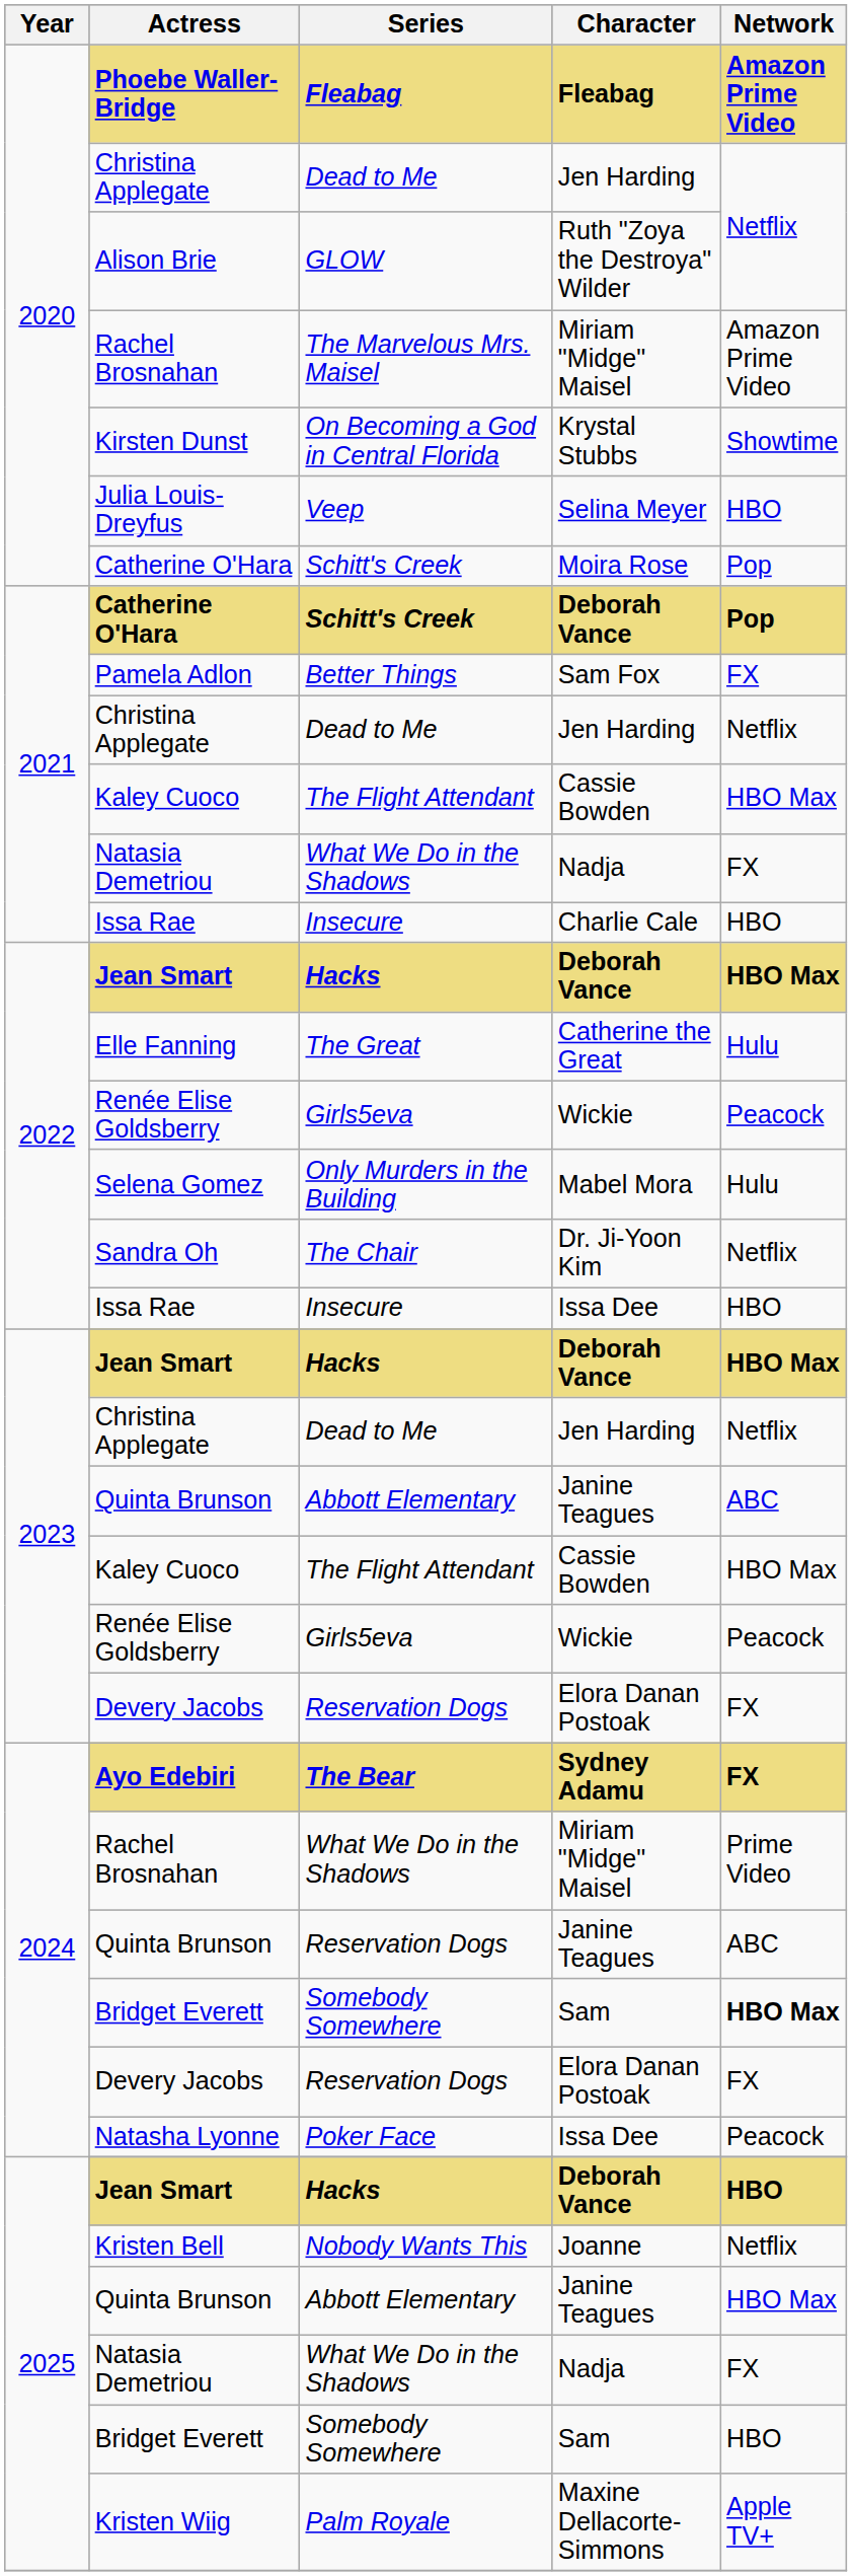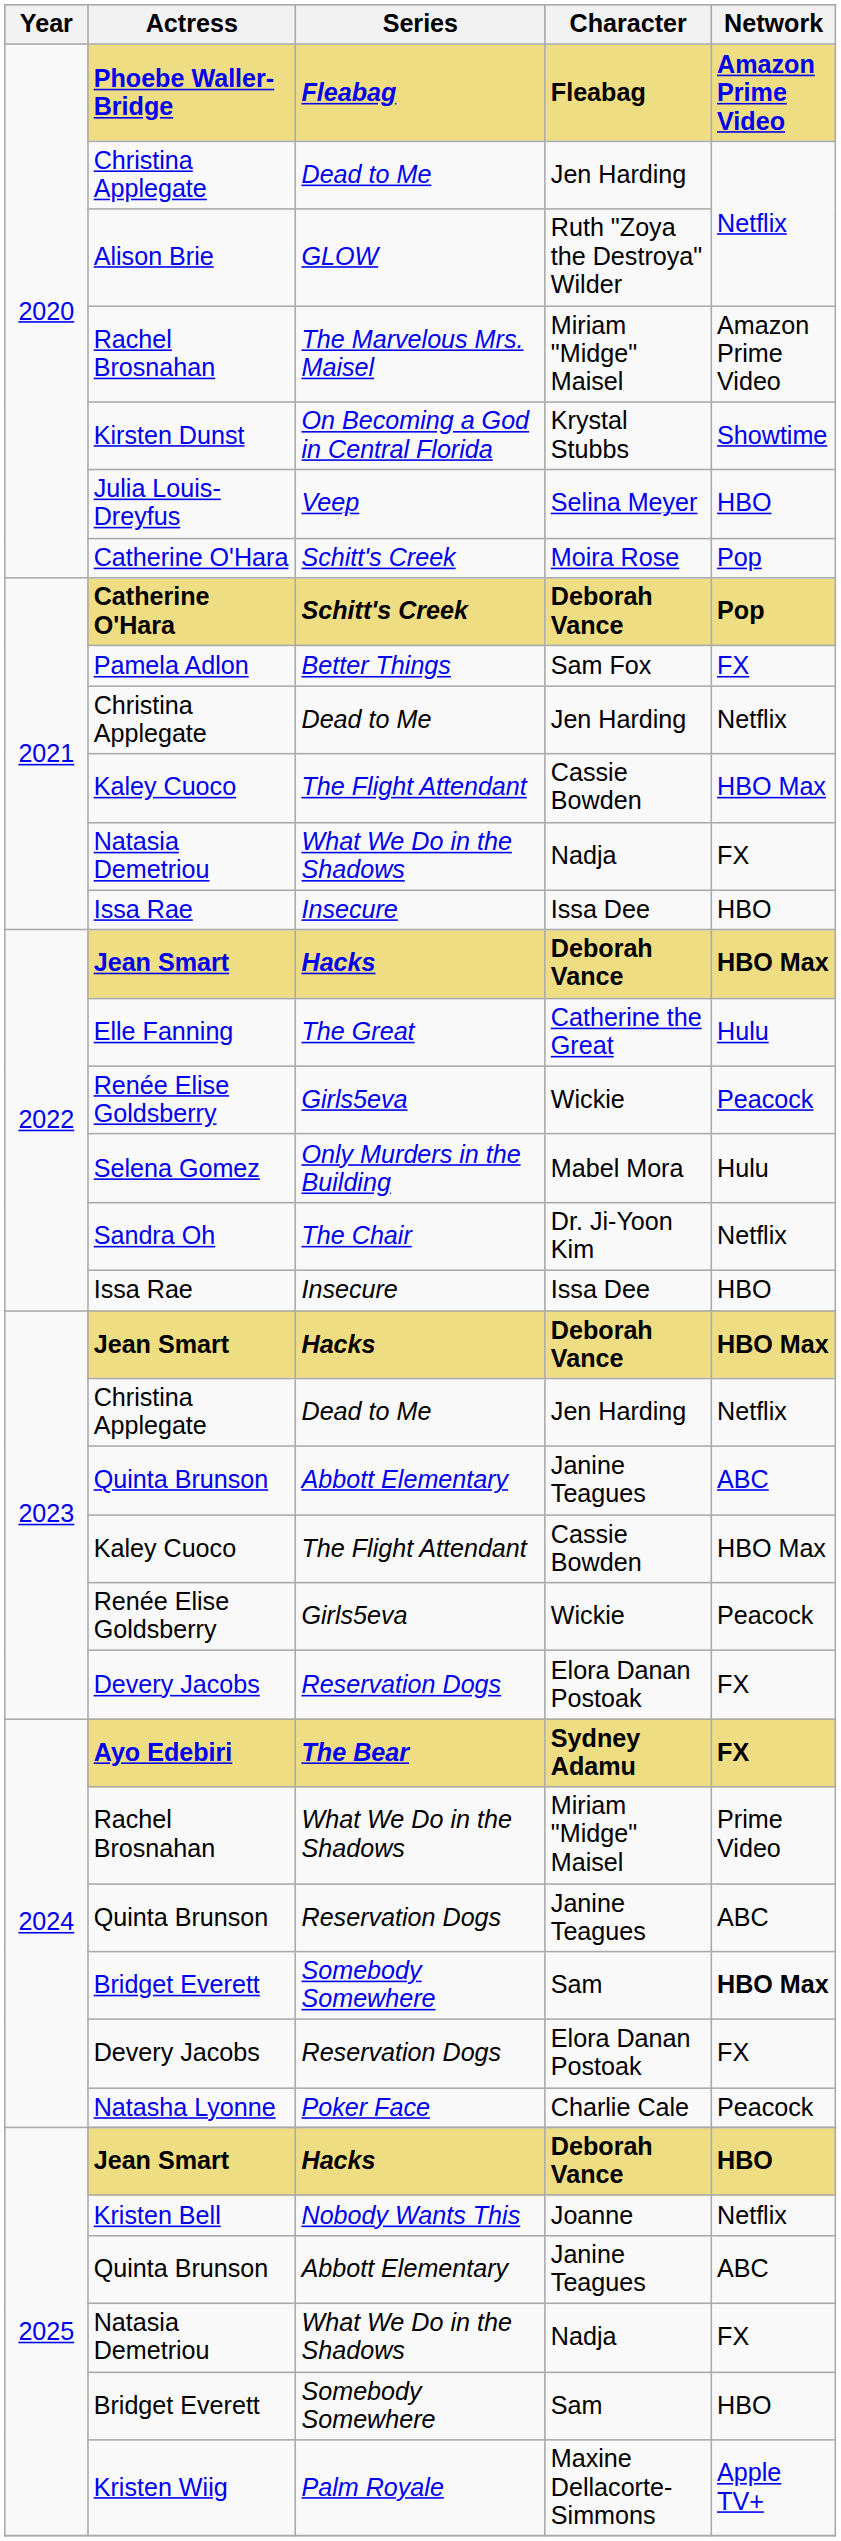 <table class="wikitable" style="width:85%">
 <tr style="background:#bebebe;">
 <th style="width:10%;">Year</th>
 <th style="wodth:25%;">Actress</th>
 <th style="width:30%;">Series</th>
 <th style="width:20%;">Character</th>
 <th style="width:15%;">Network</th>
 </tr>
 <tr>
 <td rowspan="7" style="text-align:center;"><a href='#'>2020</a><br></td>
 <td style="background:#EEDD82;"><strong><a href='#'>Phoebe Waller-Bridge</a></strong></td>
 <td style="background:#EEDD82;"><strong><em><a href='#'>Fleabag</a></em></strong></td>
 <td style="background:#EEDD82;"><strong>Fleabag</strong></td>
 <td style="background:#EEDD82;"><strong><a href='#'>Amazon Prime Video</a></strong></td>
 </tr>
 <tr>
 <td><a href='#'>Christina Applegate</a></td>
 <td><em><a href='#'>Dead to Me</a></em></td>
 <td>Jen Harding</td>
 <td rowspan="2"><a href='#'>Netflix</a></td>
 </tr>
 <tr>
 <td><a href='#'>Alison Brie</a></td>
 <td><em><a href='#'>GLOW</a></em></td>
 <td>Ruth "Zoya the Destroya" Wilder</td>
 </tr>
 <tr>
 <td><a href='#'>Rachel Brosnahan</a></td>
 <td><em><a href='#'>The Marvelous Mrs. Maisel</a></em></td>
 <td>Miriam "Midge" Maisel</td>
 <td>Amazon Prime Video</td>
 </tr>
 <tr>
 <td><a href='#'>Kirsten Dunst</a></td>
 <td><em><a href='#'>On Becoming a God in Central Florida</a></em></td>
 <td>Krystal Stubbs</td>
 <td><a href='#'>Showtime</a></td>
 </tr>
 <tr>
 <td><a href='#'>Julia Louis-Dreyfus</a></td>
 <td><em><a href='#'>Veep</a></em></td>
 <td><a href='#'>Selina Meyer</a></td>
 <td><a href='#'>HBO</a></td>
 </tr>
 <tr>
 <td><a href='#'>Catherine O'Hara</a></td>
 <td><em><a href='#'>Schitt's Creek</a></em></td>
 <td><a href='#'>Moira Rose</a></td>
 <td><a href='#'>Pop</a></td>
 </tr>
 <tr>
 <td rowspan="6" style="text-align:center;"><a href='#'>2021</a><br></td>
 <td style="background:#EEDD82;"><strong>Catherine O'Hara</strong></td>
 <td style="background:#EEDD82;"><strong><em>Schitt's Creek</em></strong></td>
 <td style="background:#EEDD82;"><strong>Deborah Vance</strong></td>
 <td style="background:#EEDD82;"><strong>Pop</strong></td>
 </tr>
 <tr>
 <td><a href='#'>Pamela Adlon</a></td>
 <td><em><a href='#'>Better Things</a></em></td>
 <td>Sam Fox</td>
 <td><a href='#'>FX</a></td>
 </tr>
 <tr>
 <td>Christina Applegate</td>
 <td><em>Dead to Me</em></td>
 <td>Jen Harding</td>
 <td>Netflix</td>
 </tr>
 <tr>
 <td><a href='#'>Kaley Cuoco</a></td>
 <td><em><a href='#'>The Flight Attendant</a></em></td>
 <td>Cassie Bowden</td>
 <td><a href='#'>HBO Max</a></td>
 </tr>
 <tr>
 <td><a href='#'>Natasia Demetriou</a></td>
 <td><em><a href='#'>What We Do in the Shadows</a></em></td>
 <td>Nadja</td>
 <td>FX</td>
 </tr>
 <tr>
 <td><a href='#'>Issa Rae</a></td>
 <td><em><a href='#'>Insecure</a></em></td>
-<td>Charlie Cale</td>
+<td>Issa Dee</td>
 <td>HBO</td>
 </tr>
 <tr>
 <td rowspan="6" style="text-align:center;"><a href='#'>2022</a><br></td>
 <td style="background:#EEDD82;"><strong><a href='#'>Jean Smart</a></strong></td>
 <td style="background:#EEDD82;"><strong><em><a href='#'>Hacks</a></em></strong></td>
 <td style="background:#EEDD82;"><strong>Deborah Vance</strong></td>
 <td style="background:#EEDD82;"><strong>HBO Max</strong></td>
 </tr>
 <tr>
 <td><a href='#'>Elle Fanning</a></td>
 <td><em><a href='#'>The Great</a></em></td>
 <td><a href='#'>Catherine the Great</a></td>
 <td><a href='#'>Hulu</a></td>
 </tr>
 <tr>
 <td><a href='#'>Renée Elise Goldsberry</a></td>
 <td><em><a href='#'>Girls5eva</a></em></td>
 <td>Wickie</td>
 <td><a href='#'>Peacock</a></td>
 </tr>
 <tr>
 <td><a href='#'>Selena Gomez</a></td>
 <td><em><a href='#'>Only Murders in the Building</a></em></td>
 <td>Mabel Mora</td>
 <td>Hulu</td>
 </tr>
 <tr>
 <td><a href='#'>Sandra Oh</a></td>
 <td><em><a href='#'>The Chair</a></em></td>
 <td>Dr. Ji-Yoon Kim</td>
 <td>Netflix</td>
 </tr>
 <tr>
 <td>Issa Rae</td>
 <td><em>Insecure</em></td>
 <td>Issa Dee</td>
 <td>HBO</td>
 </tr>
 <tr>
 <td rowspan="6" style="text-align:center;"><a href='#'>2023</a><br></td>
 <td style="background:#EEDD82;"><strong>Jean Smart</strong></td>
 <td style="background:#EEDD82;"><strong><em>Hacks</em></strong></td>
 <td style="background:#EEDD82;"><strong>Deborah Vance</strong></td>
 <td style="background:#EEDD82;"><strong>HBO Max</strong></td>
 </tr>
 <tr>
 <td>Christina Applegate</td>
 <td><em>Dead to Me</em></td>
 <td>Jen Harding</td>
 <td>Netflix</td>
 </tr>
 <tr>
 <td><a href='#'>Quinta Brunson</a></td>
 <td><em><a href='#'>Abbott Elementary</a></em></td>
 <td>Janine Teagues</td>
 <td><a href='#'>ABC</a></td>
 </tr>
 <tr>
 <td>Kaley Cuoco</td>
 <td><em>The Flight Attendant</em></td>
 <td>Cassie Bowden</td>
 <td>HBO Max</td>
 </tr>
 <tr>
 <td>Renée Elise Goldsberry</td>
 <td><em>Girls5eva</em></td>
 <td>Wickie</td>
 <td>Peacock</td>
 </tr>
 <tr>
 <td><a href='#'>Devery Jacobs</a></td>
 <td><em><a href='#'>Reservation Dogs</a></em></td>
 <td>Elora Danan Postoak</td>
 <td>FX</td>
 </tr>
 <tr>
 <td rowspan="6" style="text-align:center;"><a href='#'>2024</a><br></td>
 <td style="background:#EEDD82;"><strong><a href='#'>Ayo Edebiri</a></strong></td>
 <td style="background:#EEDD82;"><strong><em><a href='#'>The Bear</a></em></strong></td>
 <td style="background:#EEDD82;"><strong>Sydney Adamu</strong></td>
 <td style="background:#EEDD82;"><strong>FX</strong></td>
 </tr>
 <tr>
 <td>Rachel Brosnahan</td>
 <td><em>What We Do in the Shadows</em></td>
 <td>Miriam "Midge" Maisel</td>
 <td>Prime Video</td>
 </tr>
 <tr>
 <td>Quinta Brunson</td>
 <td><em>Reservation Dogs</em></td>
 <td>Janine Teagues</td>
 <td>ABC</td>
 </tr>
 <tr>
 <td><a href='#'>Bridget Everett</a></td>
 <td><em><a href='#'>Somebody Somewhere</a></em></td>
 <td>Sam</td>
 <td><strong>HBO Max</strong></td>
 </tr>
 <tr>
 <td>Devery Jacobs</td>
 <td><em>Reservation Dogs</em></td>
 <td>Elora Danan Postoak</td>
 <td>FX</td>
 </tr>
 <tr>
 <td><a href='#'>Natasha Lyonne</a></td>
 <td><em><a href='#'>Poker Face</a></em></td>
-<td>Issa Dee</td>
+<td>Charlie Cale</td>
 <td>Peacock</td>
 </tr>
 <tr>
 <td rowspan="7" style="text-align:center;"><a href='#'>2025</a><br></td>
 </tr>
 <tr>
 <td style="background:#EEDD82;"><strong>Jean Smart</strong></td>
 <td style="background:#EEDD82;"><strong><em>Hacks</em></strong></td>
 <td style="background:#EEDD82;"><strong>Deborah Vance</strong></td>
 <td style="background:#EEDD82;"><strong>HBO</strong></td>
 </tr>
 <tr>
 <td><a href='#'>Kristen Bell</a></td>
 <td><em><a href='#'>Nobody Wants This</a></em></td>
 <td>Joanne</td>
 <td>Netflix</td>
 </tr>
 <tr>
 <td>Quinta Brunson</td>
 <td><em>Abbott Elementary</em></td>
 <td>Janine Teagues</td>
-<td><a href='#'>HBO Max</a></td>
+<td>ABC</td>
 </tr>
 <tr>
 <td>Natasia Demetriou</td>
 <td><em>What We Do in the Shadows</em></td>
 <td>Nadja</td>
 <td>FX</td>
 </tr>
 <tr>
 <td>Bridget Everett</td>
 <td><em>Somebody Somewhere</em></td>
 <td>Sam</td>
 <td>HBO</td>
 </tr>
 <tr>
 <td><a href='#'>Kristen Wiig</a></td>
 <td><em><a href='#'>Palm Royale</a></em></td>
 <td>Maxine Dellacorte-Simmons</td>
 <td><a href='#'>Apple TV+</a></td>
 </tr>
 <tr>
 </tr>
 </table>
